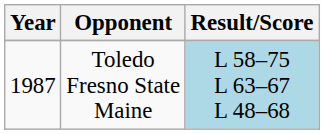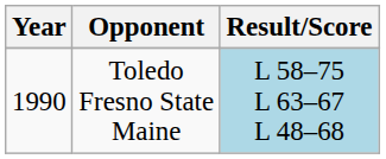 <table class="wikitable" style="text-align:center;">
 <tr>
 <th>Year</th>
 <th>Opponent</th>
 <th>Result/Score</th>
 </tr>
 <tr>
 </tr>
 <tr style="text-align:center;">
-<td>1987</td>
+<td>1990</td>
 <td>Toledo<br>Fresno State<br>Maine</td>
 <td style="background: lightblue;">L 58–75<br>L 63–67<br>L 48–68</td>
 </tr>
 </table>
